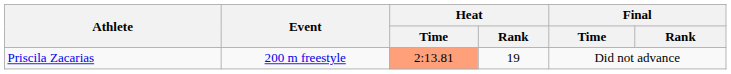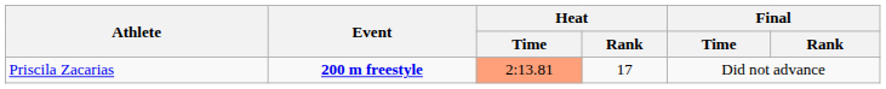 <table class=wikitable style="font-size:95%" width="95%">
 <tr>
 <th rowspan="2">Athlete</th>
 <th rowspan="2">Event</th>
 <th colspan="2">Heat</th>
 <th colspan="2">Final</th>
 </tr>
 <tr>
 <th>Time</th>
 <th>Rank</th>
 <th>Time</th>
 <th>Rank</th>
 </tr>
 <tr>
 <td width=30%><a href='#'>Priscila Zacarias</a></td>
-<td align=center><a href='#'>200 m freestyle</a></td>
+<td align=center><strong><a href='#'>200 m freestyle</a></strong></td>
 <td align=center style="background: lightsalmon;">2:13.81</td>
-<td align=center>19</td>
+<td align=center>17</td>
 <td colspan=2 align=center>Did not advance</td>
 </tr>
 </table>
